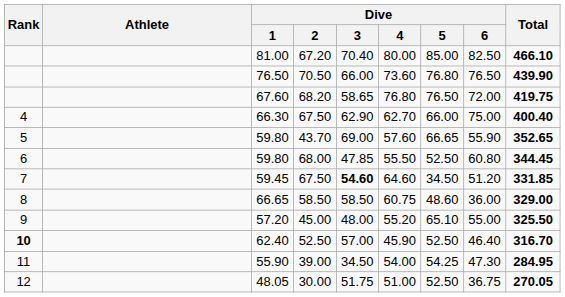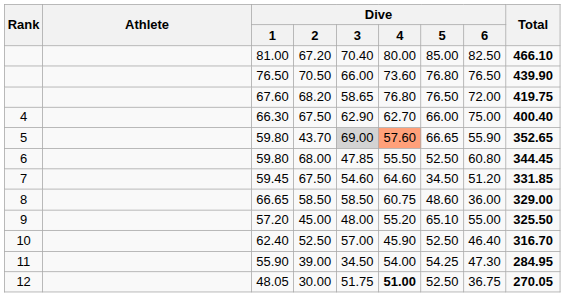 <table class=wikitable style="text-align:center">
 <tr>
 <th rowspan="2" width=40>Rank</th>
 <th rowspan="2" width=250>Athlete</th>
 <th colspan="6">Dive</th>
 <th rowspan="2" width=60>Total</th>
 </tr>
 <tr>
 <th width=45>1</th>
 <th width=45>2</th>
 <th width=45>3</th>
 <th width=45>4</th>
 <th width=45>5</th>
 <th width=45>6</th>
 </tr>
 <tr>
 <td></td>
 <td align=left></td>
 <td>81.00</td>
 <td>67.20</td>
 <td>70.40</td>
 <td>80.00</td>
 <td>85.00</td>
 <td>82.50</td>
 <td><strong>466.10</strong></td>
 </tr>
 <tr>
 <td></td>
 <td align=left></td>
 <td>76.50</td>
 <td>70.50</td>
 <td>66.00</td>
 <td>73.60</td>
 <td>76.80</td>
 <td>76.50</td>
 <td><strong>439.90</strong></td>
 </tr>
 <tr>
 <td></td>
 <td align=left></td>
 <td>67.60</td>
 <td>68.20</td>
 <td>58.65</td>
 <td>76.80</td>
 <td>76.50</td>
 <td>72.00</td>
 <td><strong>419.75</strong></td>
 </tr>
 <tr>
 <td>4</td>
 <td align=left></td>
 <td>66.30</td>
 <td>67.50</td>
 <td>62.90</td>
 <td>62.70</td>
 <td>66.00</td>
 <td>75.00</td>
 <td><strong>400.40</strong></td>
 </tr>
 <tr>
 <td>5</td>
 <td align=left></td>
 <td>59.80</td>
 <td>43.70</td>
-<td>69.00</td>
-<td>57.60</td>
+<td style="background: lightgrey;">69.00</td>
+<td style="background: lightsalmon;">57.60</td>
 <td>66.65</td>
 <td>55.90</td>
 <td><strong>352.65</strong></td>
 </tr>
 <tr>
 <td>6</td>
 <td align=left></td>
 <td>59.80</td>
 <td>68.00</td>
 <td>47.85</td>
 <td>55.50</td>
 <td>52.50</td>
 <td>60.80</td>
 <td><strong>344.45</strong></td>
 </tr>
 <tr>
 <td>7</td>
 <td align=left></td>
 <td>59.45</td>
 <td>67.50</td>
-<td><strong>54.60</strong></td>
+<td>54.60</td>
 <td>64.60</td>
 <td>34.50</td>
 <td>51.20</td>
 <td><strong>331.85</strong></td>
 </tr>
 <tr>
 <td>8</td>
 <td align=left></td>
 <td>66.65</td>
 <td>58.50</td>
 <td>58.50</td>
 <td>60.75</td>
 <td>48.60</td>
 <td>36.00</td>
 <td><strong>329.00</strong></td>
 </tr>
 <tr>
 <td>9</td>
 <td align=left></td>
 <td>57.20</td>
 <td>45.00</td>
 <td>48.00</td>
 <td>55.20</td>
 <td>65.10</td>
 <td>55.00</td>
 <td><strong>325.50</strong></td>
 </tr>
 <tr>
-<td><strong>10</strong></td>
+<td>10</td>
 <td align=left></td>
 <td>62.40</td>
 <td>52.50</td>
 <td>57.00</td>
 <td>45.90</td>
 <td>52.50</td>
 <td>46.40</td>
 <td><strong>316.70</strong></td>
 </tr>
 <tr>
 <td>11</td>
 <td align=left></td>
 <td>55.90</td>
 <td>39.00</td>
 <td>34.50</td>
 <td>54.00</td>
 <td>54.25</td>
 <td>47.30</td>
 <td><strong>284.95</strong></td>
 </tr>
 <tr>
 <td>12</td>
 <td align=left></td>
 <td>48.05</td>
 <td>30.00</td>
 <td>51.75</td>
-<td>51.00</td>
+<td><strong>51.00</strong></td>
 <td>52.50</td>
 <td>36.75</td>
 <td><strong>270.05</strong></td>
 </tr>
 </table>
